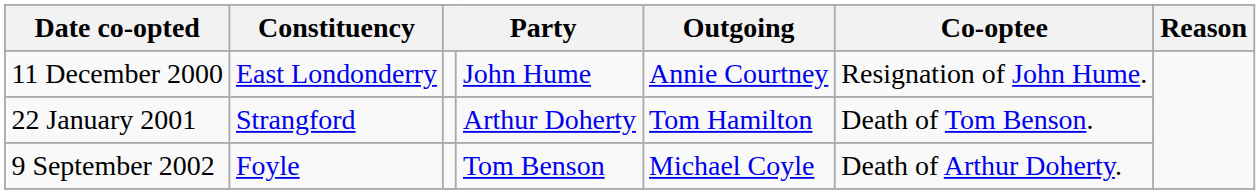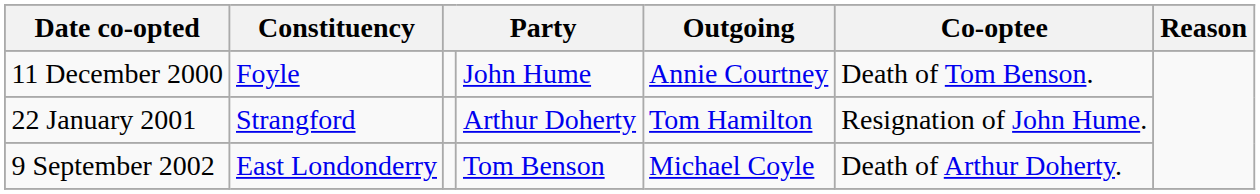 <table class="wikitable" style="font-size: 95%;">
 <tr>
 <th>Date co-opted</th>
 <th>Constituency</th>
 <th colspan="2">Party</th>
 <th>Outgoing</th>
 <th>Co-optee</th>
 <th>Reason</th>
 </tr>
 <tr>
 <td>11 December 2000</td>
-<td><a href='#'>East Londonderry</a></td>
+<td><a href='#'>Foyle</a></td>
 <td></td>
 <td><a href='#'>John Hume</a></td>
 <td><a href='#'>Annie Courtney</a></td>
-<td>Resignation of <a href='#'>John Hume</a>.</td>
+<td>Death of <a href='#'>Tom Benson</a>.</td>
 </tr>
 <tr>
 <td>22 January 2001</td>
 <td><a href='#'>Strangford</a></td>
 <td></td>
 <td><a href='#'>Arthur Doherty</a></td>
 <td><a href='#'>Tom Hamilton</a></td>
-<td>Death of <a href='#'>Tom Benson</a>.</td>
+<td>Resignation of <a href='#'>John Hume</a>.</td>
 </tr>
 <tr>
 <td>9 September 2002</td>
-<td><a href='#'>Foyle</a></td>
+<td><a href='#'>East Londonderry</a></td>
 <td></td>
 <td><a href='#'>Tom Benson</a></td>
 <td><a href='#'>Michael Coyle</a></td>
 <td>Death of <a href='#'>Arthur Doherty</a>.</td>
 </tr>
 </table>
